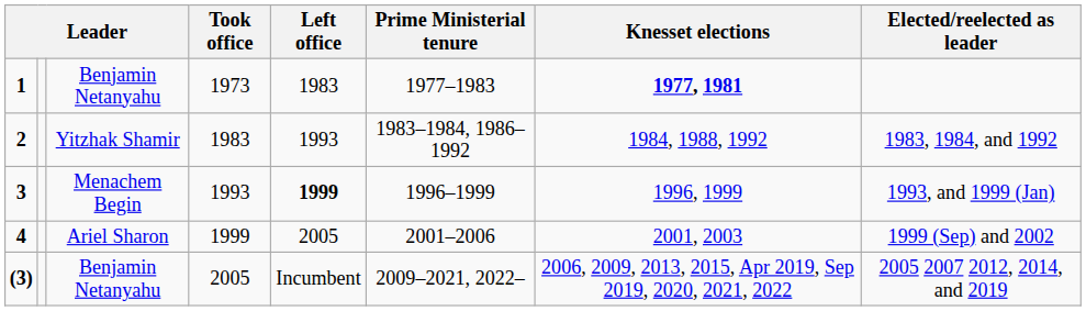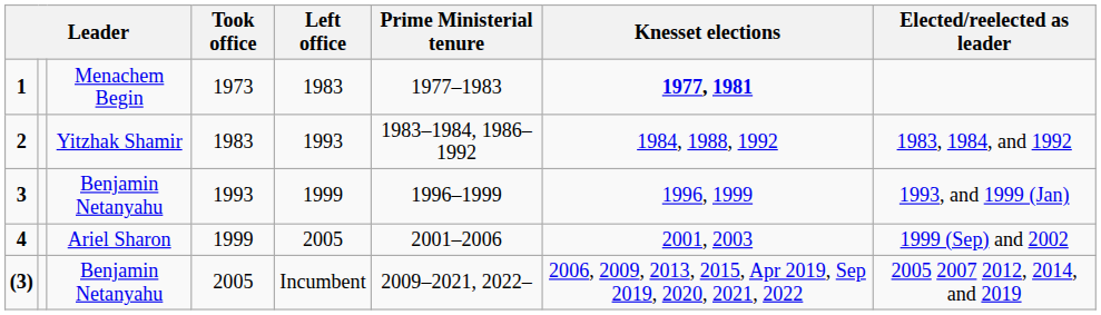 <table class="wikitable" style="text-align: center;">
 <tr>
 <th colspan="3">Leader</th>
 <th>Took office</th>
 <th>Left office</th>
 <th>Prime Ministerial tenure</th>
 <th>Knesset elections</th>
 <th>Elected/reelected as leader</th>
 </tr>
 <tr>
 <td style="background: "><strong>1</strong></td>
 <td></td>
-<td><a href='#'>Benjamin Netanyahu</a></td>
+<td><a href='#'>Menachem Begin</a></td>
 <td>1973</td>
 <td>1983</td>
 <td>1977–1983</td>
 <td><strong><a href='#'>1977</a>, <a href='#'>1981</a></strong></td>
 <td></td>
 </tr>
 <tr>
 <td style="background: "><strong>2</strong></td>
 <td></td>
 <td><a href='#'>Yitzhak Shamir</a></td>
 <td>1983</td>
 <td>1993</td>
 <td>1983–1984, 1986–1992</td>
 <td><a href='#'>1984</a>, <a href='#'>1988</a>, <a href='#'>1992</a></td>
 <td><a href='#'>1983</a>, <a href='#'>1984</a>, and <a href='#'>1992</a></td>
 </tr>
 <tr>
 <td style="background: "><strong>3</strong></td>
 <td></td>
-<td><a href='#'>Menachem Begin</a></td>
+<td><a href='#'>Benjamin Netanyahu</a></td>
 <td>1993</td>
-<td><strong>1999</strong></td>
+<td>1999</td>
 <td>1996–1999</td>
 <td><a href='#'>1996</a>, <a href='#'>1999</a></td>
 <td><a href='#'>1993</a>, and <a href='#'>1999 (Jan)</a></td>
 </tr>
 <tr>
 <td style="background: "><strong>4</strong></td>
 <td></td>
 <td><a href='#'>Ariel Sharon</a></td>
 <td>1999</td>
 <td>2005</td>
 <td>2001–2006</td>
 <td><a href='#'>2001</a>, <a href='#'>2003</a></td>
 <td><a href='#'>1999 (Sep)</a> and <a href='#'>2002</a></td>
 </tr>
 <tr>
 <td style="background: "><strong>(3)</strong></td>
 <td></td>
 <td><a href='#'>Benjamin Netanyahu</a></td>
 <td>2005</td>
 <td>Incumbent</td>
 <td>2009–2021, 2022–</td>
 <td><a href='#'>2006</a>, <a href='#'>2009</a>, <a href='#'>2013</a>, <a href='#'>2015</a>, <a href='#'>Apr 2019</a>, <a href='#'>Sep 2019</a>, <a href='#'>2020</a>, <a href='#'>2021</a>, <a href='#'>2022</a></td>
 <td><a href='#'>2005</a> <a href='#'>2007</a> <a href='#'>2012</a>, <a href='#'>2014</a>, and <a href='#'>2019</a></td>
 </tr>
 </table>
